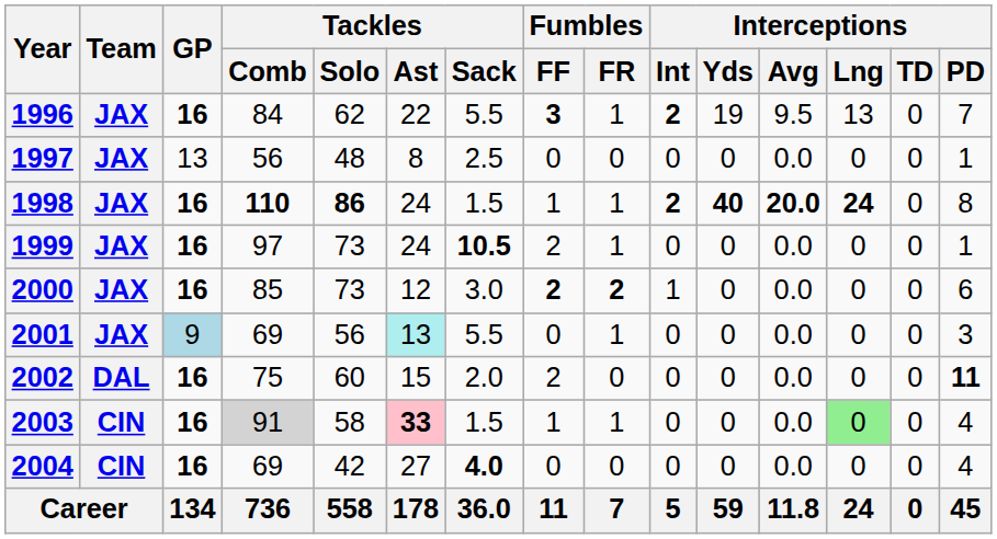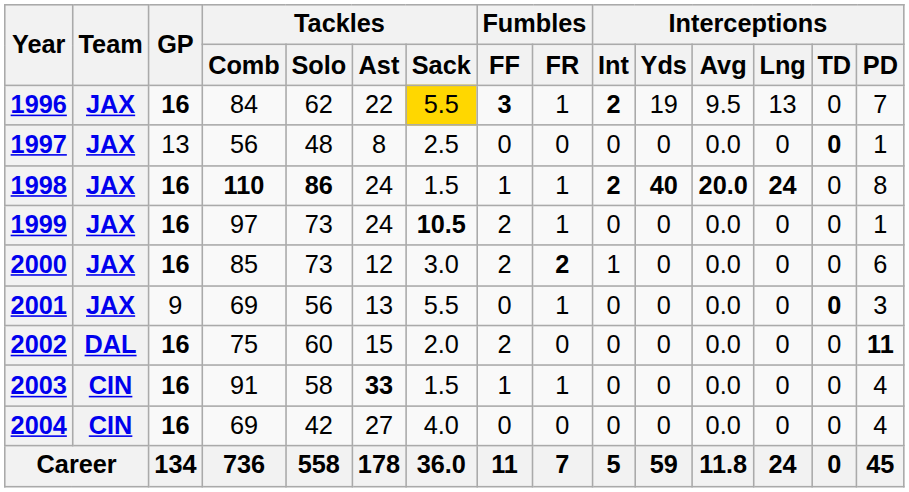 <table class="wikitable" style="text-align:center">
 <tr>
 <th rowspan="2">Year</th>
 <th rowspan="2">Team</th>
 <th rowspan="2">GP</th>
 <th colspan="4">Tackles</th>
 <th colspan="2">Fumbles</th>
 <th colspan="6">Interceptions</th>
 </tr>
 <tr>
 <th>Comb</th>
 <th>Solo</th>
 <th>Ast</th>
 <th>Sack</th>
 <th>FF</th>
 <th>FR</th>
 <th>Int</th>
 <th>Yds</th>
 <th>Avg</th>
 <th>Lng</th>
 <th>TD</th>
 <th>PD</th>
 </tr>
 <tr>
 <th><a href='#'>1996</a></th>
 <th><a href='#'>JAX</a></th>
 <td><strong>16</strong></td>
 <td>84</td>
 <td>62</td>
 <td>22</td>
-<td>5.5</td>
+<td style="background: gold;">5.5</td>
 <td><strong>3</strong></td>
 <td>1</td>
 <td><strong>2</strong></td>
 <td>19</td>
 <td>9.5</td>
 <td>13</td>
 <td>0</td>
 <td>7</td>
 </tr>
 <tr>
 <th><a href='#'>1997</a></th>
 <th><a href='#'>JAX</a></th>
 <td>13</td>
 <td>56</td>
 <td>48</td>
 <td>8</td>
 <td>2.5</td>
 <td>0</td>
 <td>0</td>
 <td>0</td>
 <td>0</td>
 <td>0.0</td>
 <td>0</td>
-<td>0</td>
+<td><strong>0</strong></td>
 <td>1</td>
 </tr>
 <tr>
 <th><a href='#'>1998</a></th>
 <th><a href='#'>JAX</a></th>
 <td><strong>16</strong></td>
 <td><strong>110</strong></td>
 <td><strong>86</strong></td>
 <td>24</td>
 <td>1.5</td>
 <td>1</td>
 <td>1</td>
 <td><strong>2</strong></td>
 <td><strong>40</strong></td>
 <td><strong>20.0</strong></td>
 <td><strong>24</strong></td>
 <td>0</td>
 <td>8</td>
 </tr>
 <tr>
 <th><a href='#'>1999</a></th>
 <th><a href='#'>JAX</a></th>
 <td><strong>16</strong></td>
 <td>97</td>
 <td>73</td>
 <td>24</td>
 <td><strong>10.5</strong></td>
 <td>2</td>
 <td>1</td>
 <td>0</td>
 <td>0</td>
 <td>0.0</td>
 <td>0</td>
 <td>0</td>
 <td>1</td>
 </tr>
 <tr>
 <th><a href='#'>2000</a></th>
 <th><a href='#'>JAX</a></th>
 <td><strong>16</strong></td>
 <td>85</td>
 <td>73</td>
 <td>12</td>
 <td>3.0</td>
-<td><strong>2</strong></td>
+<td>2</td>
 <td><strong>2</strong></td>
 <td>1</td>
 <td>0</td>
 <td>0.0</td>
 <td>0</td>
 <td>0</td>
 <td>6</td>
 </tr>
 <tr>
 <th><a href='#'>2001</a></th>
 <th><a href='#'>JAX</a></th>
-<td style="background: lightblue;">9</td>
+<td>9</td>
 <td>69</td>
 <td>56</td>
-<td style="background: paleturquoise;">13</td>
+<td>13</td>
 <td>5.5</td>
 <td>0</td>
 <td>1</td>
 <td>0</td>
 <td>0</td>
 <td>0.0</td>
 <td>0</td>
-<td>0</td>
+<td><strong>0</strong></td>
 <td>3</td>
 </tr>
 <tr>
 <th><a href='#'>2002</a></th>
 <th><a href='#'>DAL</a></th>
 <td><strong>16</strong></td>
 <td>75</td>
 <td>60</td>
 <td>15</td>
 <td>2.0</td>
 <td>2</td>
 <td>0</td>
 <td>0</td>
 <td>0</td>
 <td>0.0</td>
 <td>0</td>
 <td>0</td>
 <td><strong>11</strong></td>
 </tr>
 <tr>
 <th><a href='#'>2003</a></th>
 <th><a href='#'>CIN</a></th>
 <td><strong>16</strong></td>
-<td style="background: lightgrey;">91</td>
+<td>91</td>
 <td>58</td>
-<td style="background: pink;"><strong>33</strong></td>
+<td><strong>33</strong></td>
 <td>1.5</td>
 <td>1</td>
 <td>1</td>
 <td>0</td>
 <td>0</td>
 <td>0.0</td>
-<td style="background: lightgreen;">0</td>
+<td>0</td>
 <td>0</td>
 <td>4</td>
 </tr>
 <tr>
 <th><a href='#'>2004</a></th>
 <th><a href='#'>CIN</a></th>
 <td><strong>16</strong></td>
 <td>69</td>
 <td>42</td>
 <td>27</td>
-<td><strong>4.0</strong></td>
+<td>4.0</td>
 <td>0</td>
 <td>0</td>
 <td>0</td>
 <td>0</td>
 <td>0.0</td>
 <td>0</td>
 <td>0</td>
 <td>4</td>
 </tr>
 <tr>
 <th colspan="2">Career</th>
 <th>134</th>
 <th>736</th>
 <th>558</th>
 <th>178</th>
 <th>36.0</th>
 <th>11</th>
 <th>7</th>
 <th>5</th>
 <th>59</th>
 <th>11.8</th>
 <th>24</th>
 <th>0</th>
 <th>45</th>
 </tr>
 </table>
